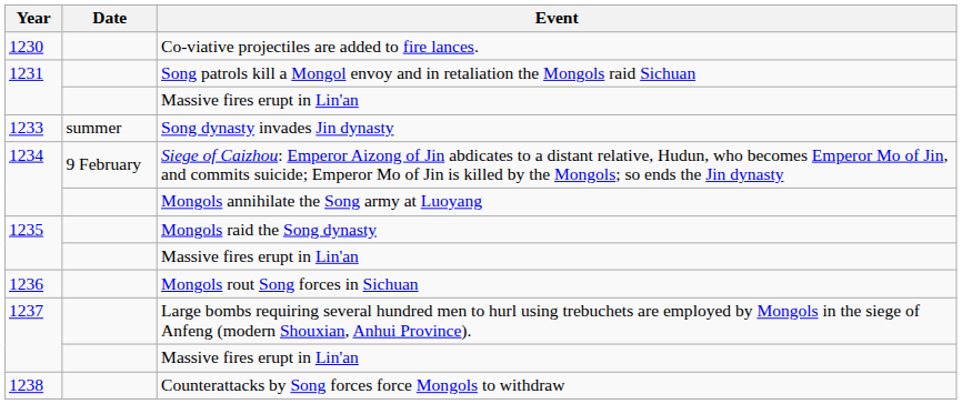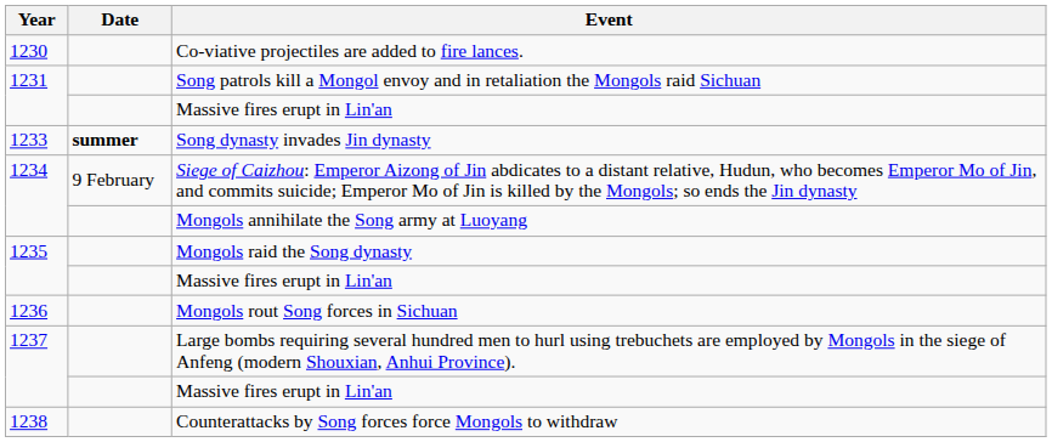 <table class="wikitable" width="100%">
 <tr>
 <th style="width:6%">Year</th>
 <th style="width:10%">Date</th>
 <th>Event</th>
 </tr>
 <tr>
 <td><a href='#'>1230</a></td>
 <td></td>
 <td>Co-viative projectiles are added to <a href='#'>fire lances</a>.</td>
 </tr>
 <tr>
 <td rowspan="2" valign="top"><a href='#'>1231</a></td>
 <td></td>
 <td><a href='#'>Song</a> patrols kill a <a href='#'>Mongol</a> envoy and in retaliation the <a href='#'>Mongols</a> raid <a href='#'>Sichuan</a></td>
 </tr>
 <tr>
 <td></td>
 <td>Massive fires erupt in <a href='#'>Lin'an</a></td>
 </tr>
 <tr>
 <td><a href='#'>1233</a></td>
-<td>summer</td>
+<td><strong>summer</strong></td>
 <td><a href='#'>Song dynasty</a> invades <a href='#'>Jin dynasty</a></td>
 </tr>
 <tr>
 <td rowspan="2" valign="top"><a href='#'>1234</a></td>
 <td>9 February</td>
 <td><em><a href='#'>Siege of Caizhou</a></em>: <a href='#'>Emperor Aizong of Jin</a> abdicates to a distant relative, Hudun, who becomes <a href='#'>Emperor Mo of Jin</a>, and commits suicide; Emperor Mo of Jin is killed by the <a href='#'>Mongols</a>; so ends the <a href='#'>Jin dynasty</a></td>
 </tr>
 <tr>
 <td></td>
 <td><a href='#'>Mongols</a> annihilate the <a href='#'>Song</a> army at <a href='#'>Luoyang</a></td>
 </tr>
 <tr>
 <td rowspan="2" valign="top"><a href='#'>1235</a></td>
 <td></td>
 <td><a href='#'>Mongols</a> raid the <a href='#'>Song dynasty</a></td>
 </tr>
 <tr>
 <td></td>
 <td>Massive fires erupt in <a href='#'>Lin'an</a></td>
 </tr>
 <tr>
 <td><a href='#'>1236</a></td>
 <td></td>
 <td><a href='#'>Mongols</a> rout <a href='#'>Song</a> forces in <a href='#'>Sichuan</a></td>
 </tr>
 <tr>
 <td rowspan="2" valign="top"><a href='#'>1237</a></td>
 <td></td>
 <td>Large bombs requiring several hundred men to hurl using trebuchets are employed by <a href='#'>Mongols</a> in the siege of Anfeng (modern <a href='#'>Shouxian</a>, <a href='#'>Anhui Province</a>).</td>
 </tr>
 <tr>
 <td></td>
 <td>Massive fires erupt in <a href='#'>Lin'an</a></td>
 </tr>
 <tr>
 <td><a href='#'>1238</a></td>
 <td></td>
 <td>Counterattacks by <a href='#'>Song</a> forces force <a href='#'>Mongols</a> to withdraw</td>
 </tr>
 </table>
